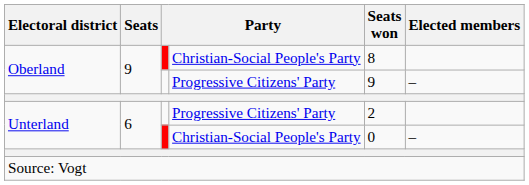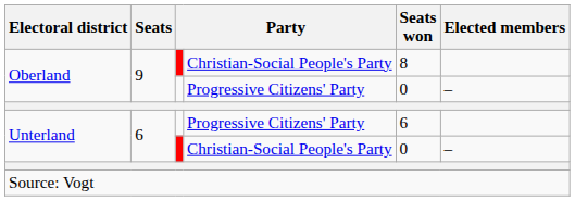 <table class="wikitable">
 <tr>
 <th>Electoral district</th>
 <th>Seats</th>
 <th colspan="2">Party</th>
 <th>Seats<br>won</th>
 <th>Elected members</th>
 </tr>
 <tr>
 <td rowspan="2"><a href='#'>Oberland</a></td>
 <td rowspan="2">9</td>
 <td style="color:inherit;background:#FF0000"></td>
 <td><a href='#'>Christian-Social People's Party</a></td>
 <td>8</td>
 <td></td>
 </tr>
 <tr>
 <td></td>
 <td><a href='#'>Progressive Citizens' Party</a></td>
-<td>9</td>
+<td>0</td>
 <td>–</td>
 </tr>
 <tr>
 <th colspan="6"></th>
 </tr>
 <tr>
 <td rowspan="2"><a href='#'>Unterland</a></td>
 <td rowspan="2">6</td>
 <td></td>
 <td><a href='#'>Progressive Citizens' Party</a></td>
-<td>2</td>
+<td>6</td>
 <td></td>
 </tr>
 <tr>
 <td style="color:inherit;background:#FF0000"></td>
 <td><a href='#'>Christian-Social People's Party</a></td>
 <td>0</td>
 <td>–</td>
 </tr>
 <tr>
 <th colspan="6"></th>
 </tr>
 <tr>
 <td colspan="6">Source: Vogt</td>
 </tr>
 </table>
